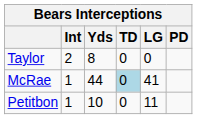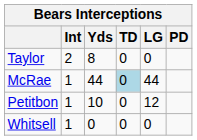 <table class="wikitable">
 <tr>
 <th colspan="6">Bears Interceptions</th>
 </tr>
 <tr>
 <th></th>
 <th>Int</th>
 <th>Yds</th>
 <th>TD</th>
 <th>LG</th>
 <th>PD</th>
 </tr>
 <tr>
 <td><a href='#'>Taylor</a></td>
 <td>2</td>
 <td>8</td>
 <td>0</td>
 <td>0</td>
 <td></td>
 </tr>
 <tr>
 <td><a href='#'>McRae</a></td>
 <td>1</td>
 <td>44</td>
 <td style="background: lightblue;">0</td>
-<td>41</td>
+<td>44</td>
 <td></td>
 </tr>
 <tr>
 <td><a href='#'>Petitbon</a></td>
 <td>1</td>
 <td>10</td>
 <td>0</td>
-<td>11</td>
+<td>12</td>
+<td></td>
+</tr>
+<tr>
+<td><a href='#'>Whitsell</a></td>
+<td>1</td>
+<td>0</td>
+<td>0</td>
+<td>0</td>
 <td></td>
 </tr>
 </table>
